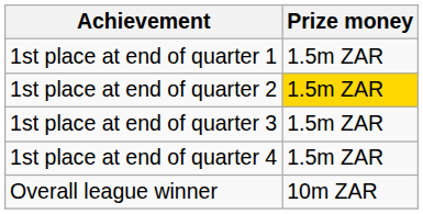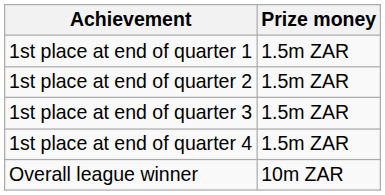 <table class=wikitable>
 <tr>
 <th>Achievement</th>
 <th>Prize money</th>
 </tr>
 <tr>
 <td>1st place at end of quarter 1</td>
 <td>1.5m ZAR</td>
 </tr>
 <tr>
 <td>1st place at end of quarter 2</td>
-<td style="background: gold;">1.5m ZAR</td>
+<td>1.5m ZAR</td>
 </tr>
 <tr>
 <td>1st place at end of quarter 3</td>
 <td>1.5m ZAR</td>
 </tr>
 <tr>
 <td>1st place at end of quarter 4</td>
 <td>1.5m ZAR</td>
 </tr>
 <tr>
 <td>Overall league winner</td>
 <td>10m ZAR</td>
 </tr>
 </table>
